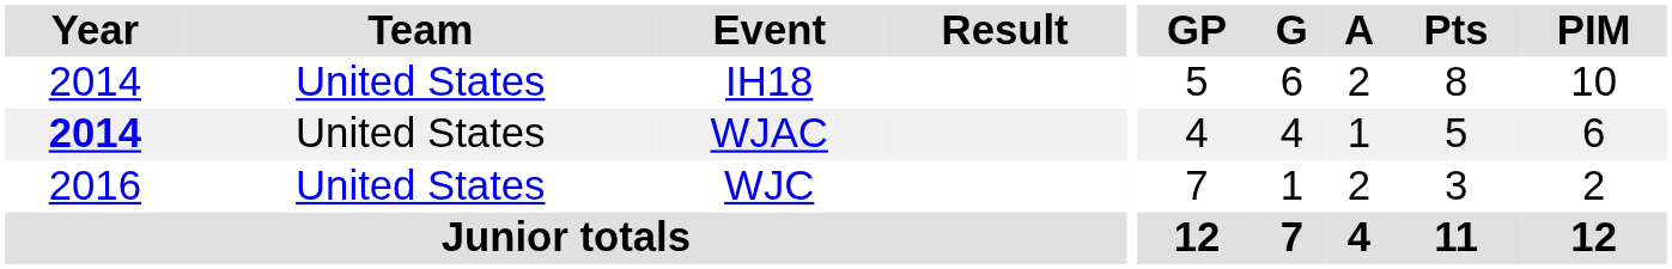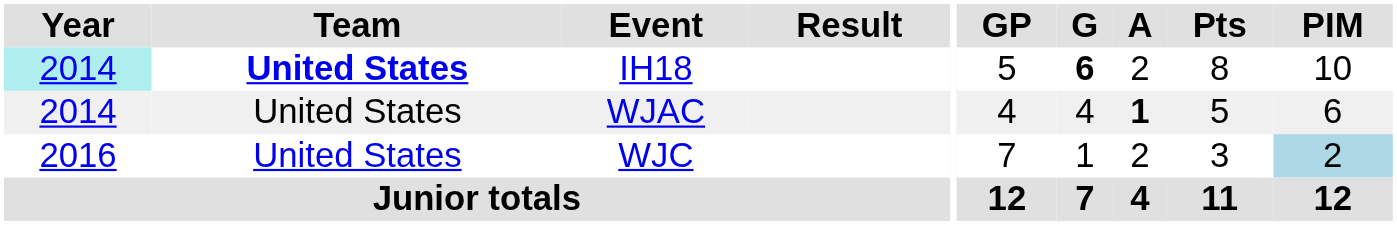 <table border="0" cellpadding="1" cellspacing="0" ID="Table3" style="text-align:center; width:40em;">
 <tr bgcolor="#e0e0e0">
 <th>Year</th>
 <th>Team</th>
 <th>Event</th>
 <th>Result</th>
 <th rowspan="99" bgcolor="#ffffff"></th>
 <th>GP</th>
 <th>G</th>
 <th>A</th>
 <th>Pts</th>
 <th>PIM</th>
 </tr>
 <tr>
-<td><a href='#'>2014</a></td>
-<td><a href='#'>United States</a></td>
+<td style="background: paleturquoise;"><a href='#'>2014</a></td>
+<td><strong><a href='#'>United States</a></strong></td>
 <td><a href='#'>IH18</a></td>
 <td></td>
 <td>5</td>
-<td>6</td>
+<td><strong>6</strong></td>
 <td>2</td>
 <td>8</td>
 <td>10</td>
 </tr>
 <tr bgcolor="#f0f0f0">
-<td><strong><a href='#'>2014</a></strong></td>
+<td><a href='#'>2014</a></td>
 <td>United States</td>
 <td><a href='#'>WJAC</a></td>
 <td></td>
 <td>4</td>
 <td>4</td>
-<td>1</td>
+<td><strong>1</strong></td>
 <td>5</td>
 <td>6</td>
 </tr>
 <tr>
 <td><a href='#'>2016</a></td>
 <td><a href='#'>United States</a></td>
 <td><a href='#'>WJC</a></td>
 <td></td>
 <td>7</td>
 <td>1</td>
 <td>2</td>
 <td>3</td>
-<td>2</td>
+<td style="background: lightblue;">2</td>
 </tr>
 <tr bgcolor="#e0e0e0">
 <th colspan="4">Junior totals</th>
 <th>12</th>
 <th>7</th>
 <th>4</th>
 <th>11</th>
 <th>12</th>
 </tr>
 </table>
